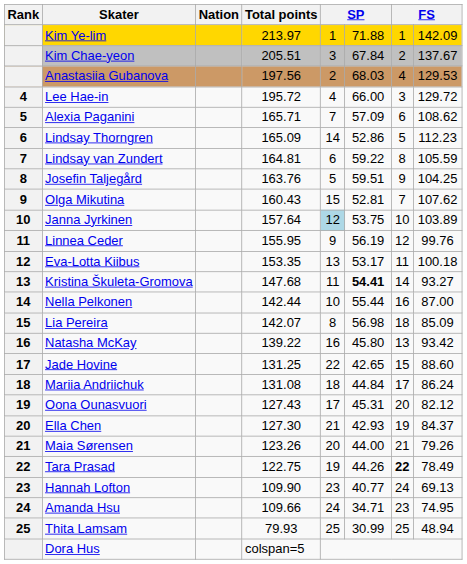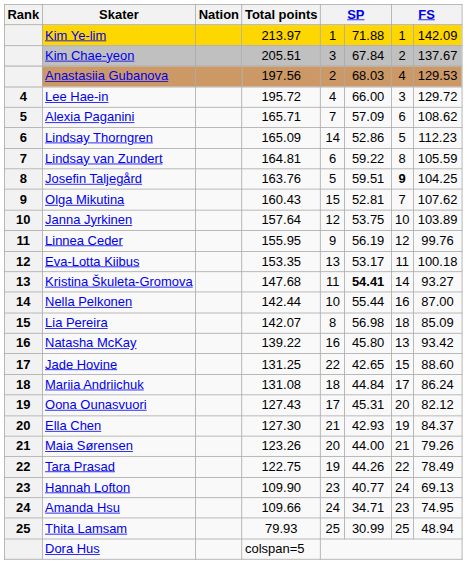 <table class="wikitable sortable" style="text-align:left">
 <tr>
 <th scope="col">Rank</th>
 <th scope="col">Skater</th>
 <th scope="col">Nation</th>
 <th scope="col">Total points</th>
 <th scope="col" colspan="2" width="80px"><a href='#'>SP</a></th>
 <th scope="col" colspan="2" width="80px"><a href='#'>FS</a></th>
 </tr>
 <tr bgcolor="gold">
 <th scope="row"></th>
 <td><a href='#'>Kim Ye-lim</a></td>
 <td></td>
 <td align="center">213.97</td>
 <td align="center">1</td>
 <td align="center">71.88</td>
 <td align="center">1</td>
 <td align="center">142.09</td>
 </tr>
 <tr bgcolor="silver">
 <th scope="row"></th>
 <td><a href='#'>Kim Chae-yeon</a></td>
 <td></td>
 <td align="center">205.51</td>
 <td align="center">3</td>
 <td align="center">67.84</td>
 <td align="center">2</td>
 <td align="center">137.67</td>
 </tr>
 <tr bgcolor="cc9966">
 <th scope="row"></th>
 <td><a href='#'>Anastasiia Gubanova</a></td>
 <td></td>
 <td align="center">197.56</td>
 <td align="center">2</td>
 <td align="center">68.03</td>
 <td align="center">4</td>
 <td align="center">129.53</td>
 </tr>
 <tr>
 <th scope="row">4</th>
 <td><a href='#'>Lee Hae-in</a></td>
 <td></td>
 <td align="center">195.72</td>
 <td align="center">4</td>
 <td align="center">66.00</td>
 <td align="center">3</td>
 <td align="center">129.72</td>
 </tr>
 <tr>
 <th scope="row">5</th>
 <td><a href='#'>Alexia Paganini</a></td>
 <td></td>
 <td align="center">165.71</td>
 <td align="center">7</td>
 <td align="center">57.09</td>
 <td align="center">6</td>
 <td align="center">108.62</td>
 </tr>
 <tr>
 <th scope="row">6</th>
 <td><a href='#'>Lindsay Thorngren</a></td>
 <td></td>
 <td align="center">165.09</td>
 <td align="center">14</td>
 <td align="center">52.86</td>
 <td align="center">5</td>
 <td align="center">112.23</td>
 </tr>
 <tr>
 <th scope="row">7</th>
 <td><a href='#'>Lindsay van Zundert</a></td>
 <td></td>
 <td align="center">164.81</td>
 <td align="center">6</td>
 <td align="center">59.22</td>
 <td align="center">8</td>
 <td align="center">105.59</td>
 </tr>
 <tr>
 <th scope="row">8</th>
 <td><a href='#'>Josefin Taljegård</a></td>
 <td></td>
 <td align="center">163.76</td>
 <td align="center">5</td>
 <td align="center">59.51</td>
-<td align="center">9</td>
+<td align="center"><strong>9</strong></td>
 <td align="center">104.25</td>
 </tr>
 <tr>
 <th scope="row">9</th>
 <td><a href='#'>Olga Mikutina</a></td>
 <td></td>
 <td align="center">160.43</td>
 <td align="center">15</td>
 <td align="center">52.81</td>
 <td align="center">7</td>
 <td align="center">107.62</td>
 </tr>
 <tr>
 <th scope="row">10</th>
 <td><a href='#'>Janna Jyrkinen</a></td>
 <td></td>
 <td align="center">157.64</td>
-<td align="center" style="background: lightblue;">12</td>
+<td align="center">12</td>
 <td align="center">53.75</td>
 <td align="center">10</td>
 <td align="center">103.89</td>
 </tr>
 <tr>
 <th scope="row">11</th>
 <td><a href='#'>Linnea Ceder</a></td>
 <td></td>
 <td align="center">155.95</td>
 <td align="center">9</td>
 <td align="center">56.19</td>
 <td align="center">12</td>
 <td align="center">99.76</td>
 </tr>
 <tr>
 <th scope="row">12</th>
 <td><a href='#'>Eva-Lotta Kiibus</a></td>
 <td></td>
 <td align="center">153.35</td>
 <td align="center">13</td>
 <td align="center">53.17</td>
 <td align="center">11</td>
 <td align="center">100.18</td>
 </tr>
 <tr>
 <th scope="row">13</th>
 <td><a href='#'>Kristina Škuleta-Gromova</a></td>
 <td></td>
 <td align="center">147.68</td>
 <td align="center">11</td>
 <td align="center"><strong>54.41</strong></td>
 <td align="center">14</td>
 <td align="center">93.27</td>
 </tr>
 <tr>
 <th scope="row">14</th>
 <td><a href='#'>Nella Pelkonen</a></td>
 <td></td>
 <td align="center">142.44</td>
 <td align="center">10</td>
 <td align="center">55.44</td>
 <td align="center">16</td>
 <td align="center">87.00</td>
 </tr>
 <tr>
 <th scope="row">15</th>
 <td><a href='#'>Lia Pereira</a></td>
 <td></td>
 <td align="center">142.07</td>
 <td align="center">8</td>
 <td align="center">56.98</td>
 <td align="center">18</td>
 <td align="center">85.09</td>
 </tr>
 <tr>
 <th scope="row">16</th>
 <td><a href='#'>Natasha McKay</a></td>
 <td></td>
 <td align="center">139.22</td>
 <td align="center">16</td>
 <td align="center">45.80</td>
 <td align="center">13</td>
 <td align="center">93.42</td>
 </tr>
 <tr>
 <th scope="row">17</th>
 <td><a href='#'>Jade Hovine</a></td>
 <td></td>
 <td align="center">131.25</td>
 <td align="center">22</td>
 <td align="center">42.65</td>
 <td align="center">15</td>
 <td align="center">88.60</td>
 </tr>
 <tr>
 <th scope="row">18</th>
 <td><a href='#'>Mariia Andriichuk</a></td>
 <td></td>
 <td align="center">131.08</td>
 <td align="center">18</td>
 <td align="center">44.84</td>
 <td align="center">17</td>
 <td align="center">86.24</td>
 </tr>
 <tr>
 <th scope="row">19</th>
 <td><a href='#'>Oona Ounasvuori</a></td>
 <td></td>
 <td align="center">127.43</td>
 <td align="center">17</td>
 <td align="center">45.31</td>
 <td align="center">20</td>
 <td align="center">82.12</td>
 </tr>
 <tr>
 <th scope="row">20</th>
 <td><a href='#'>Ella Chen</a></td>
 <td></td>
 <td align="center">127.30</td>
 <td align="center">21</td>
 <td align="center">42.93</td>
 <td align="center">19</td>
 <td align="center">84.37</td>
 </tr>
 <tr>
 <th scope="row">21</th>
 <td><a href='#'>Maia Sørensen</a></td>
 <td></td>
 <td align="center">123.26</td>
 <td align="center">20</td>
 <td align="center">44.00</td>
 <td align="center">21</td>
 <td align="center">79.26</td>
 </tr>
 <tr>
 <th scope="row">22</th>
 <td><a href='#'>Tara Prasad</a></td>
 <td></td>
 <td align="center">122.75</td>
 <td align="center">19</td>
 <td align="center">44.26</td>
-<td align="center"><strong>22</strong></td>
+<td align="center">22</td>
 <td align="center">78.49</td>
 </tr>
 <tr>
 <th scope="row">23</th>
 <td><a href='#'>Hannah Lofton</a></td>
 <td></td>
 <td align="center">109.90</td>
 <td align="center">23</td>
 <td align="center">40.77</td>
 <td align="center">24</td>
 <td align="center">69.13</td>
 </tr>
 <tr>
 <th scope="row">24</th>
 <td><a href='#'>Amanda Hsu</a></td>
 <td></td>
 <td align="center">109.66</td>
 <td align="center">24</td>
 <td align="center">34.71</td>
 <td align="center">23</td>
 <td align="center">74.95</td>
 </tr>
 <tr>
 <th scope="row">25</th>
 <td><a href='#'>Thita Lamsam</a></td>
 <td></td>
 <td align="center">79.93</td>
 <td align="center">25</td>
 <td align="center">30.99</td>
 <td align="center">25</td>
 <td align="center">48.94</td>
 </tr>
 <tr>
 <th scope="row"></th>
 <td><a href='#'>Dora Hus</a></td>
 <td></td>
 <td>colspan=5 </td>
 </tr>
 </table>
